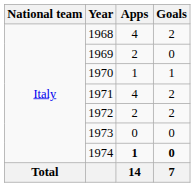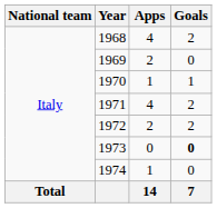 <table class="wikitable" style="text-align:center">
 <tr>
 <th>National team</th>
 <th>Year</th>
 <th width="40">Apps</th>
 <th width="40">Goals</th>
 </tr>
 <tr>
 <td rowspan="7"><a href='#'>Italy</a></td>
 <td>1968</td>
 <td>4</td>
 <td>2</td>
 </tr>
 <tr>
 <td>1969</td>
 <td>2</td>
 <td>0</td>
 </tr>
 <tr>
 <td>1970</td>
 <td>1</td>
 <td>1</td>
 </tr>
 <tr>
 <td>1971</td>
 <td>4</td>
 <td>2</td>
 </tr>
 <tr>
 <td>1972</td>
 <td>2</td>
 <td>2</td>
 </tr>
 <tr>
 <td>1973</td>
 <td>0</td>
-<td>0</td>
+<td><strong>0</strong></td>
 </tr>
 <tr>
 <td>1974</td>
-<td><strong>1</strong></td>
-<td><strong>0</strong></td>
+<td>1</td>
+<td>0</td>
 </tr>
 <tr>
 <th>Total</th>
 <th></th>
 <th>14</th>
 <th>7</th>
 </tr>
 </table>
